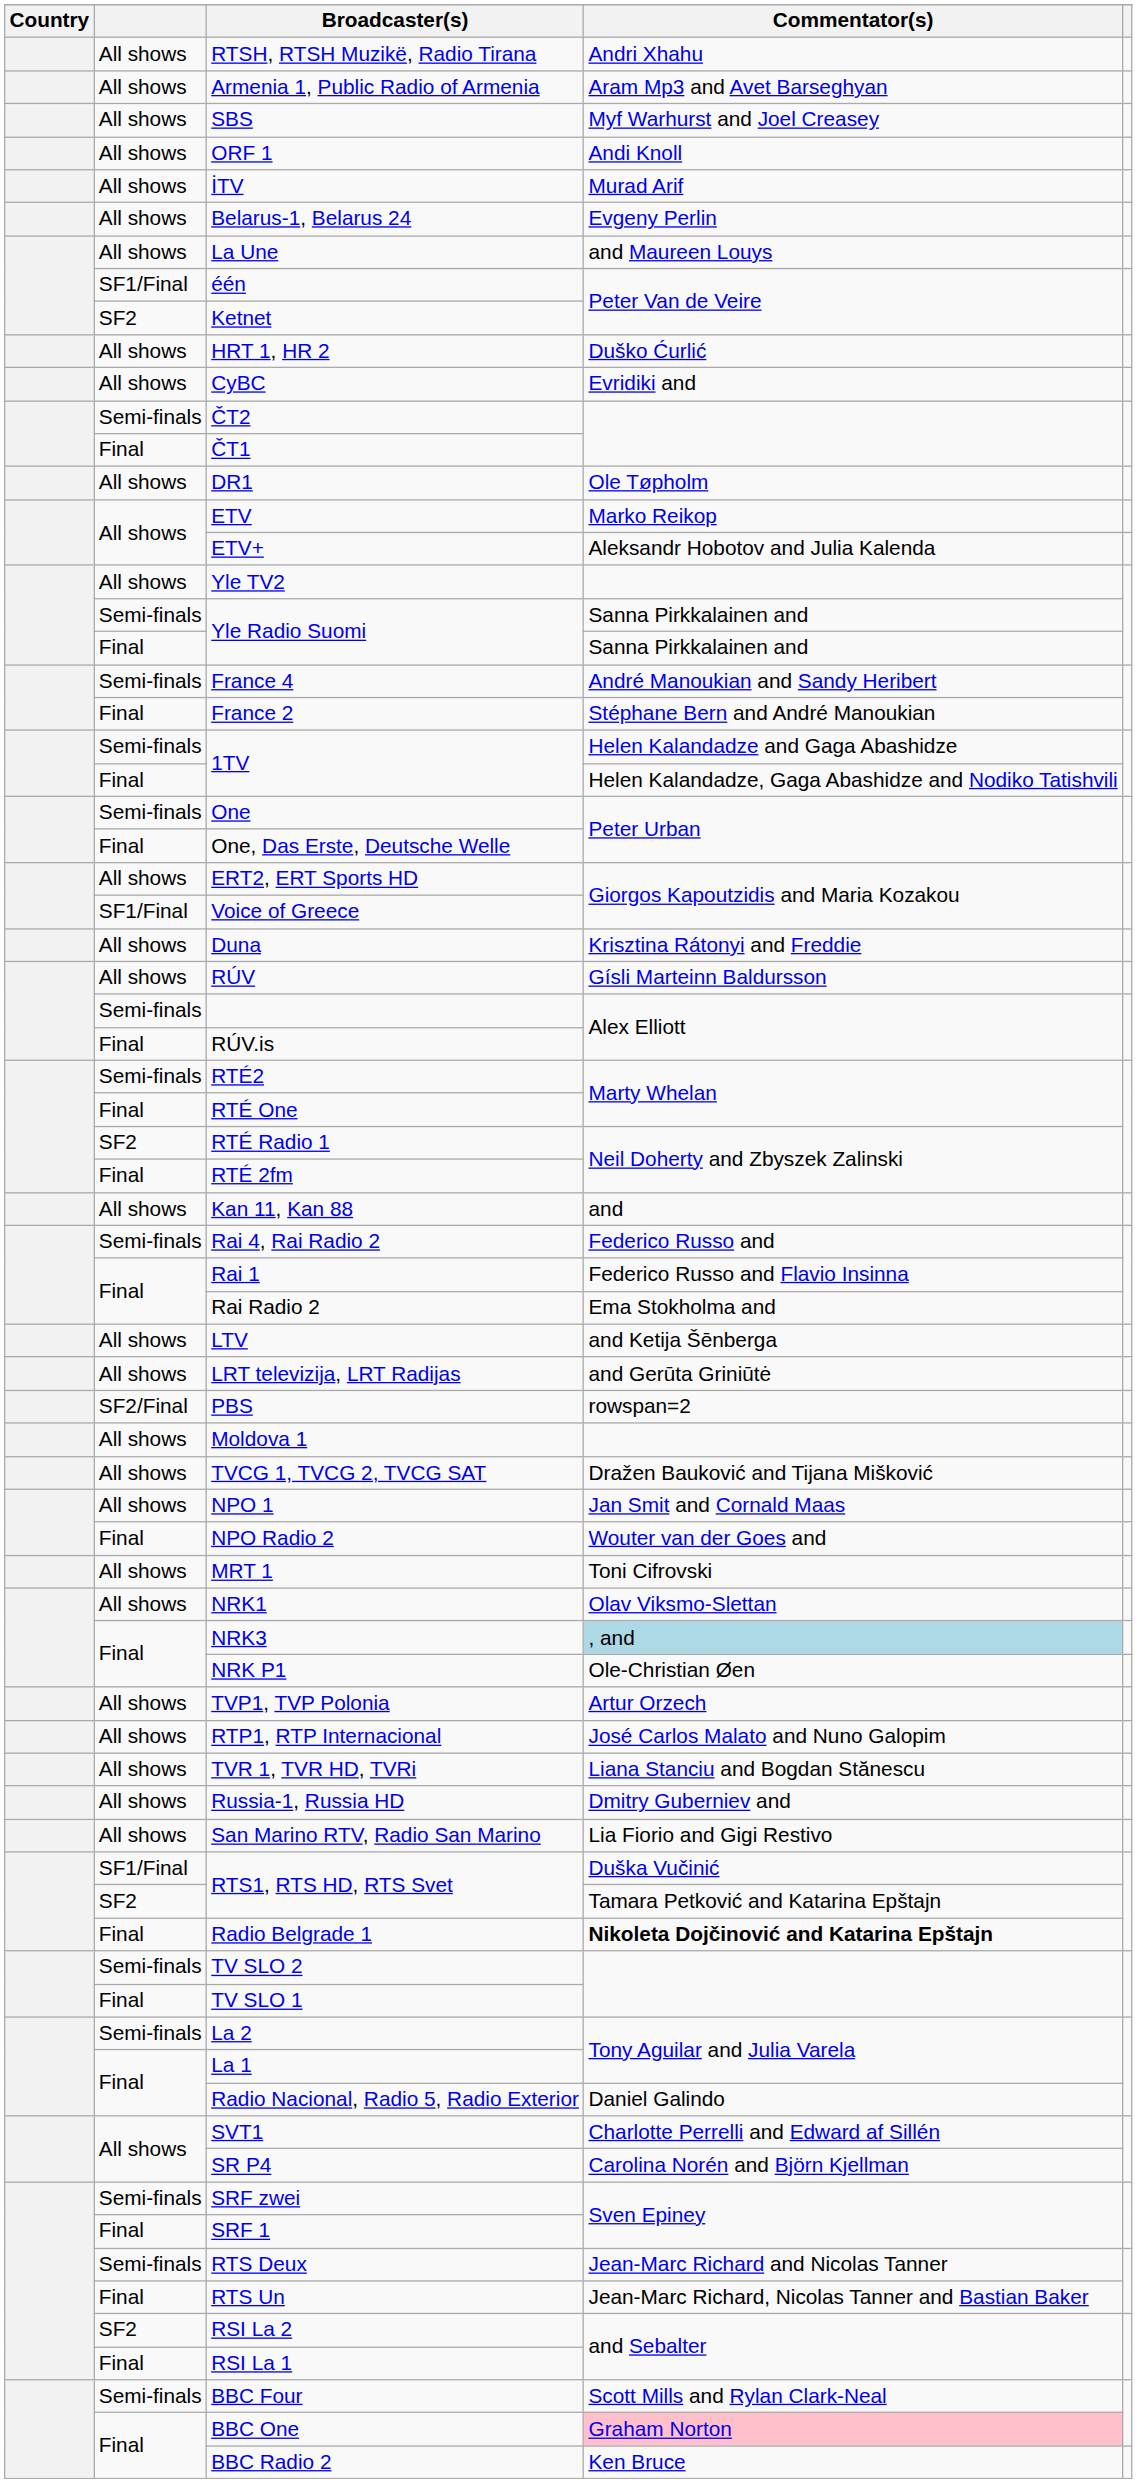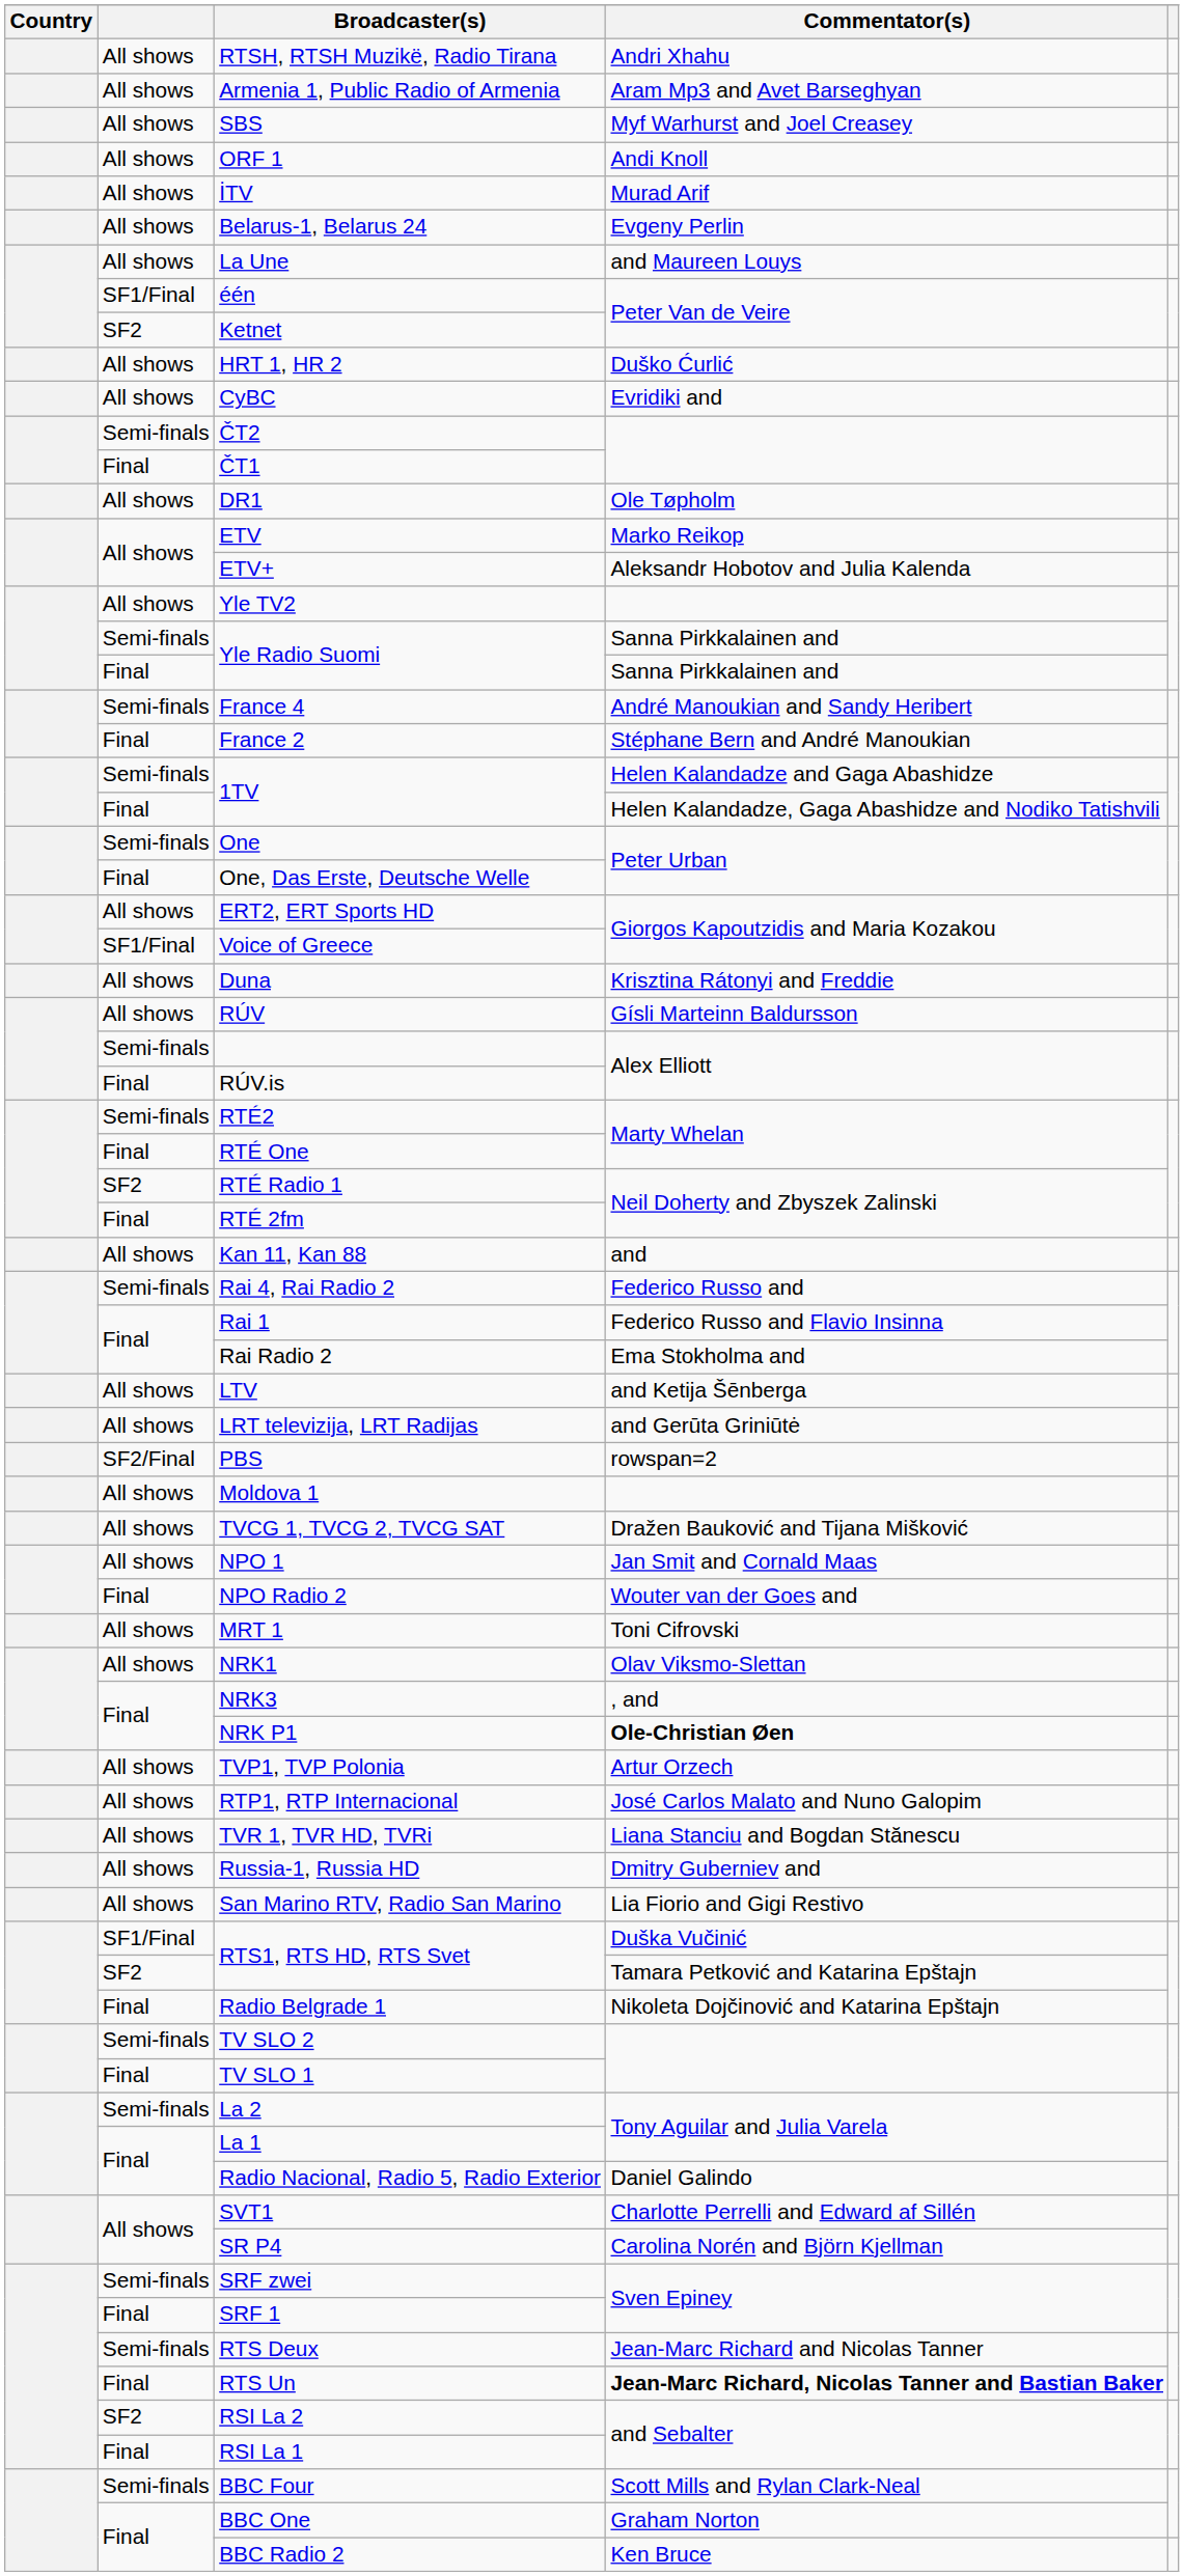 <table class="wikitable plainrowheaders">
 <tr>
 </tr>
 <tr>
 <th scope="col">Country</th>
 <th scope="col"></th>
 <th scope="col">Broadcaster(s)</th>
 <th scope="col">Commentator(s)</th>
 <th scope="col"></th>
 </tr>
 <tr>
 <th scope="row"></th>
 <td>All shows</td>
 <td><a href='#'>RTSH</a>, <a href='#'>RTSH Muzikë</a>, <a href='#'>Radio Tirana</a></td>
 <td><a href='#'>Andri Xhahu</a></td>
 <td></td>
 </tr>
 <tr>
 <th scope="row"></th>
 <td>All shows</td>
 <td><a href='#'>Armenia 1</a>, <a href='#'>Public Radio of Armenia</a></td>
 <td><a href='#'>Aram Mp3</a> and <a href='#'>Avet Barseghyan</a></td>
 <td></td>
 </tr>
 <tr>
 <th scope="row"></th>
 <td>All shows</td>
 <td><a href='#'>SBS</a></td>
 <td><a href='#'>Myf Warhurst</a> and <a href='#'>Joel Creasey</a></td>
 <td></td>
 </tr>
 <tr>
 <th scope="row"></th>
 <td>All shows</td>
 <td><a href='#'>ORF 1</a></td>
 <td><a href='#'>Andi Knoll</a></td>
 <td></td>
 </tr>
 <tr>
 <th scope="row"></th>
 <td>All shows</td>
 <td><a href='#'>İTV</a></td>
 <td><a href='#'>Murad Arif</a></td>
 <td></td>
 </tr>
 <tr>
 <th scope="row"></th>
 <td>All shows</td>
 <td><a href='#'>Belarus-1</a>, <a href='#'>Belarus 24</a></td>
 <td><a href='#'>Evgeny Perlin</a></td>
 <td></td>
 </tr>
 <tr>
 <th scope="row" rowspan="3"></th>
 <td>All shows</td>
 <td><a href='#'>La Une</a></td>
 <td> and <a href='#'>Maureen Louys</a></td>
 <td></td>
 </tr>
 <tr>
 <td>SF1/Final</td>
 <td><a href='#'>één</a></td>
 <td rowspan="2"><a href='#'>Peter Van de Veire</a></td>
 <td rowspan="2"></td>
 </tr>
 <tr>
 <td>SF2</td>
 <td><a href='#'>Ketnet</a></td>
 </tr>
 <tr>
 <th scope="row"></th>
 <td>All shows</td>
 <td><a href='#'>HRT 1</a>, <a href='#'>HR 2</a></td>
 <td><a href='#'>Duško Ćurlić</a></td>
 <td></td>
 </tr>
 <tr>
 <th scope="row"></th>
 <td>All shows</td>
 <td><a href='#'>CyBC</a></td>
 <td><a href='#'>Evridiki</a> and </td>
 <td></td>
 </tr>
 <tr>
 <th scope="row" rowspan="2"></th>
 <td>Semi-finals</td>
 <td><a href='#'>ČT2</a></td>
 <td rowspan="2"></td>
 <td rowspan="2"></td>
 </tr>
 <tr>
 <td>Final</td>
 <td><a href='#'>ČT1</a></td>
 </tr>
 <tr>
 <th scope="row"></th>
 <td>All shows</td>
 <td><a href='#'>DR1</a></td>
 <td><a href='#'>Ole Tøpholm</a></td>
 <td></td>
 </tr>
 <tr>
 <th scope="row" rowspan="2"></th>
 <td rowspan="2">All shows</td>
 <td><a href='#'>ETV</a></td>
 <td><a href='#'>Marko Reikop</a></td>
 <td></td>
 </tr>
 <tr>
 <td><a href='#'>ETV+</a></td>
 <td>Aleksandr Hobotov and Julia Kalenda</td>
 <td></td>
 </tr>
 <tr>
 <th scope="row" rowspan="3"></th>
 <td>All shows</td>
 <td><a href='#'>Yle TV2</a></td>
 <td></td>
 <td rowspan="3"></td>
 </tr>
 <tr>
 <td>Semi-finals</td>
 <td rowspan="2"><a href='#'>Yle Radio Suomi</a></td>
 <td>Sanna Pirkkalainen and </td>
 </tr>
 <tr>
 <td>Final</td>
 <td>Sanna Pirkkalainen and </td>
 </tr>
 <tr>
 <th scope="row" rowspan="2"></th>
 <td>Semi-finals</td>
 <td><a href='#'>France 4</a></td>
 <td><a href='#'>André Manoukian</a> and <a href='#'>Sandy Heribert</a></td>
 <td rowspan="2"></td>
 </tr>
 <tr>
 <td>Final</td>
 <td><a href='#'>France 2</a></td>
 <td><a href='#'>Stéphane Bern</a> and André Manoukian</td>
 </tr>
 <tr>
 <th scope="row" rowspan="2"></th>
 <td>Semi-finals</td>
 <td rowspan="2"><a href='#'>1TV</a></td>
 <td><a href='#'>Helen Kalandadze</a> and Gaga Abashidze</td>
 <td rowspan="2"></td>
 </tr>
 <tr>
 <td>Final</td>
 <td>Helen Kalandadze, Gaga Abashidze and <a href='#'>Nodiko Tatishvili</a></td>
 </tr>
 <tr>
 <th scope="row" rowspan="2"></th>
 <td>Semi-finals</td>
 <td><a href='#'>One</a></td>
 <td rowspan="2"><a href='#'>Peter Urban</a></td>
 <td rowspan="2"></td>
 </tr>
 <tr>
 <td>Final</td>
 <td>One, <a href='#'>Das Erste</a>, <a href='#'>Deutsche Welle</a></td>
 </tr>
 <tr>
 <th scope="row" rowspan="2"></th>
 <td>All shows</td>
 <td><a href='#'>ERT2</a>, <a href='#'>ERT Sports HD</a></td>
 <td rowspan="2"><a href='#'>Giorgos Kapoutzidis</a> and Maria Kozakou</td>
 <td rowspan="2"></td>
 </tr>
 <tr>
 <td>SF1/Final</td>
 <td><a href='#'>Voice of Greece</a></td>
 </tr>
 <tr>
 <th scope="row"></th>
 <td>All shows</td>
 <td><a href='#'>Duna</a></td>
 <td><a href='#'>Krisztina Rátonyi</a> and <a href='#'>Freddie</a></td>
 <td></td>
 </tr>
 <tr>
 <th scope="row" rowspan="3"></th>
 <td>All shows</td>
 <td><a href='#'>RÚV</a></td>
 <td><a href='#'>Gísli Marteinn Baldursson</a></td>
 <td></td>
 </tr>
 <tr>
 <td>Semi-finals</td>
 <td></td>
 <td rowspan="2">Alex Elliott</td>
 <td rowspan="2"></td>
 </tr>
 <tr>
 <td>Final</td>
 <td>RÚV.is</td>
 </tr>
 <tr>
 <th scope="row" rowspan="4"></th>
 <td>Semi-finals</td>
 <td><a href='#'>RTÉ2</a></td>
 <td rowspan="2"><a href='#'>Marty Whelan</a></td>
 <td rowspan="4"></td>
 </tr>
 <tr>
 <td>Final</td>
 <td><a href='#'>RTÉ One</a></td>
 </tr>
 <tr>
 <td>SF2</td>
 <td><a href='#'>RTÉ Radio 1</a></td>
 <td rowspan="2"><a href='#'>Neil Doherty</a> and Zbyszek Zalinski</td>
 </tr>
 <tr>
 <td>Final</td>
 <td><a href='#'>RTÉ 2fm</a></td>
 </tr>
 <tr>
 <th scope="row"></th>
 <td>All shows</td>
 <td><a href='#'>Kan 11</a>, <a href='#'>Kan 88</a></td>
 <td> and </td>
 <td></td>
 </tr>
 <tr>
 <th scope="row" rowspan="3"></th>
 <td>Semi-finals</td>
 <td><a href='#'>Rai 4</a>, <a href='#'>Rai Radio 2</a></td>
 <td><a href='#'>Federico Russo</a> and </td>
 <td rowspan="3"></td>
 </tr>
 <tr>
 <td rowspan="2">Final</td>
 <td><a href='#'>Rai 1</a></td>
 <td>Federico Russo and <a href='#'>Flavio Insinna</a></td>
 </tr>
 <tr>
 <td>Rai Radio 2</td>
 <td>Ema Stokholma and </td>
 </tr>
 <tr>
 <th scope="row"></th>
 <td>All shows</td>
 <td><a href='#'>LTV</a></td>
 <td> and Ketija Šēnberga</td>
 <td></td>
 </tr>
 <tr>
 <th scope="row"></th>
 <td>All shows</td>
 <td><a href='#'>LRT televizija</a>, <a href='#'>LRT Radijas</a></td>
 <td> and Gerūta Griniūtė</td>
 <td></td>
 </tr>
 <tr>
 <th scope="row"></th>
 <td>SF2/Final</td>
 <td><a href='#'>PBS</a></td>
 <td>rowspan=2 </td>
 <td></td>
 </tr>
 <tr>
 <th scope="row"></th>
 <td>All shows</td>
 <td><a href='#'>Moldova 1</a></td>
 <td></td>
 </tr>
 <tr>
 <th scope="row"></th>
 <td>All shows</td>
 <td><a href='#'>TVCG 1, TVCG 2, TVCG SAT</a></td>
 <td>Dražen Bauković and Tijana Mišković</td>
 <td></td>
 </tr>
 <tr>
 <th scope="row" rowspan="2"></th>
 <td>All shows</td>
 <td><a href='#'>NPO 1</a></td>
 <td><a href='#'>Jan Smit</a> and <a href='#'>Cornald Maas</a></td>
 <td></td>
 </tr>
 <tr>
 <td>Final</td>
 <td><a href='#'>NPO Radio 2</a></td>
 <td><a href='#'>Wouter van der Goes</a> and </td>
 <td></td>
 </tr>
 <tr>
 <th scope="row"></th>
 <td>All shows</td>
 <td><a href='#'>MRT 1</a></td>
 <td>Toni Cifrovski</td>
 <td></td>
 </tr>
 <tr>
 <th scope="row" rowspan="3"></th>
 <td>All shows</td>
 <td><a href='#'>NRK1</a></td>
 <td><a href='#'>Olav Viksmo-Slettan</a></td>
 <td></td>
 </tr>
 <tr>
 <td rowspan="2">Final</td>
 <td><a href='#'>NRK3</a></td>
-<td style="background: lightblue;">,  and </td>
+<td>,  and </td>
 <td></td>
 </tr>
 <tr>
 <td><a href='#'>NRK P1</a></td>
-<td>Ole-Christian Øen</td>
+<td><strong>Ole-Christian Øen</strong></td>
 <td></td>
 </tr>
 <tr>
 <th scope="row"></th>
 <td>All shows</td>
 <td><a href='#'>TVP1</a>, <a href='#'>TVP Polonia</a></td>
 <td><a href='#'>Artur Orzech</a></td>
 <td></td>
 </tr>
 <tr>
 <th scope="row"></th>
 <td>All shows</td>
 <td><a href='#'>RTP1</a>, <a href='#'>RTP Internacional</a></td>
 <td><a href='#'>José Carlos Malato</a> and Nuno Galopim</td>
 <td></td>
 </tr>
 <tr>
 <th scope="row"></th>
 <td>All shows</td>
 <td><a href='#'>TVR 1</a>, <a href='#'>TVR HD</a>, <a href='#'>TVRi</a></td>
 <td><a href='#'>Liana Stanciu</a> and Bogdan Stănescu</td>
 <td></td>
 </tr>
 <tr>
 <th scope="row"></th>
 <td>All shows</td>
 <td><a href='#'>Russia-1</a>, <a href='#'>Russia HD</a></td>
 <td><a href='#'>Dmitry Guberniev</a> and </td>
 <td></td>
 </tr>
 <tr>
 <th scope="row"></th>
 <td>All shows</td>
 <td><a href='#'>San Marino RTV</a>, <a href='#'>Radio San Marino</a></td>
 <td>Lia Fiorio and Gigi Restivo</td>
 <td></td>
 </tr>
 <tr>
 <th scope="row" rowspan="3"></th>
 <td>SF1/Final</td>
 <td rowspan="2"><a href='#'>RTS1</a>, <a href='#'>RTS HD</a>, <a href='#'>RTS Svet</a></td>
 <td><a href='#'>Duška Vučinić</a></td>
 <td rowspan="3"></td>
 </tr>
 <tr>
 <td>SF2</td>
 <td>Tamara Petković and Katarina Epštajn</td>
 </tr>
 <tr>
 <td>Final</td>
 <td><a href='#'>Radio Belgrade 1</a></td>
-<td><strong>Nikoleta Dojčinović and Katarina Epštajn</strong></td>
+<td>Nikoleta Dojčinović and Katarina Epštajn</td>
 </tr>
 <tr>
 <th scope="row" rowspan="2"></th>
 <td>Semi-finals</td>
 <td><a href='#'>TV SLO 2</a></td>
 <td rowspan="2"></td>
 <td rowspan="2"></td>
 </tr>
 <tr>
 <td>Final</td>
 <td><a href='#'>TV SLO 1</a></td>
 </tr>
 <tr>
 <th scope="row" rowspan="3"></th>
 <td>Semi-finals</td>
 <td><a href='#'>La 2</a></td>
 <td rowspan="2"><a href='#'>Tony Aguilar</a> and <a href='#'>Julia Varela</a></td>
 <td rowspan="3"></td>
 </tr>
 <tr>
 <td rowspan="2">Final</td>
 <td><a href='#'>La 1</a></td>
 </tr>
 <tr>
 <td><a href='#'>Radio Nacional</a>, <a href='#'>Radio 5</a>, <a href='#'>Radio Exterior</a></td>
 <td>Daniel Galindo</td>
 </tr>
 <tr>
 <th scope="row" rowspan="2"></th>
 <td rowspan="2">All shows</td>
 <td><a href='#'>SVT1</a></td>
 <td><a href='#'>Charlotte Perrelli</a> and <a href='#'>Edward af Sillén</a></td>
 <td rowspan="2"></td>
 </tr>
 <tr>
 <td><a href='#'>SR P4</a></td>
 <td><a href='#'>Carolina Norén</a> and <a href='#'>Björn Kjellman</a></td>
 </tr>
 <tr>
 <th scope="row" rowspan="6"></th>
 <td>Semi-finals</td>
 <td><a href='#'>SRF zwei</a></td>
 <td rowspan="2"><a href='#'>Sven Epiney</a></td>
 <td rowspan="2"></td>
 </tr>
 <tr>
 <td>Final</td>
 <td><a href='#'>SRF 1</a></td>
 </tr>
 <tr>
 <td>Semi-finals</td>
 <td><a href='#'>RTS Deux</a></td>
 <td><a href='#'>Jean-Marc Richard</a> and Nicolas Tanner</td>
 <td rowspan="2"></td>
 </tr>
 <tr>
 <td>Final</td>
 <td><a href='#'>RTS Un</a></td>
-<td>Jean-Marc Richard, Nicolas Tanner and <a href='#'>Bastian Baker</a></td>
+<td><strong>Jean-Marc Richard, Nicolas Tanner and <a href='#'>Bastian Baker</a></strong></td>
 </tr>
 <tr>
 <td>SF2</td>
 <td><a href='#'>RSI La 2</a></td>
 <td rowspan="2"> and <a href='#'>Sebalter</a></td>
 <td rowspan="2"></td>
 </tr>
 <tr>
 <td>Final</td>
 <td><a href='#'>RSI La 1</a></td>
 </tr>
 <tr>
 <th scope="row" rowspan="3"></th>
 <td>Semi-finals</td>
 <td><a href='#'>BBC Four</a></td>
 <td><a href='#'>Scott Mills</a> and <a href='#'>Rylan Clark-Neal</a></td>
 <td rowspan="2"></td>
 </tr>
 <tr>
 <td rowspan="2">Final</td>
 <td><a href='#'>BBC One</a></td>
-<td style="background: pink;"><a href='#'>Graham Norton</a></td>
+<td><a href='#'>Graham Norton</a></td>
 </tr>
 <tr>
 <td><a href='#'>BBC Radio 2</a></td>
 <td><a href='#'>Ken Bruce</a></td>
 <td></td>
 </tr>
 </table>
